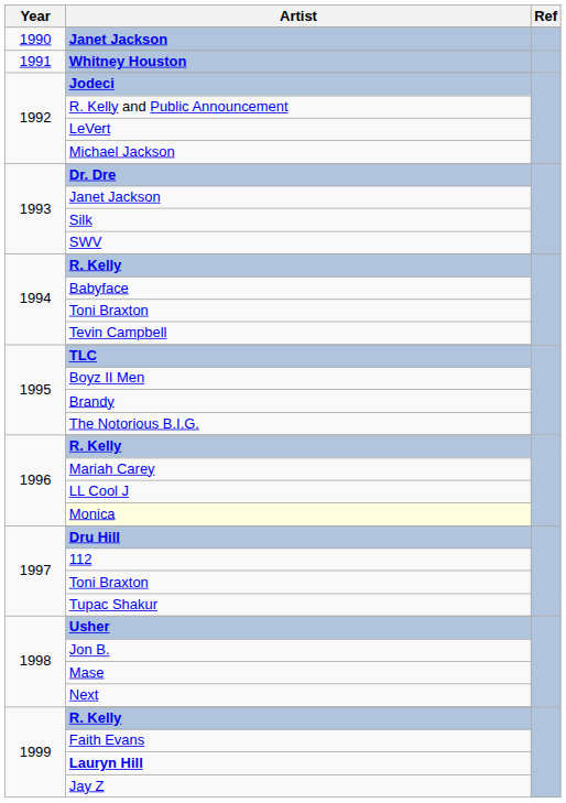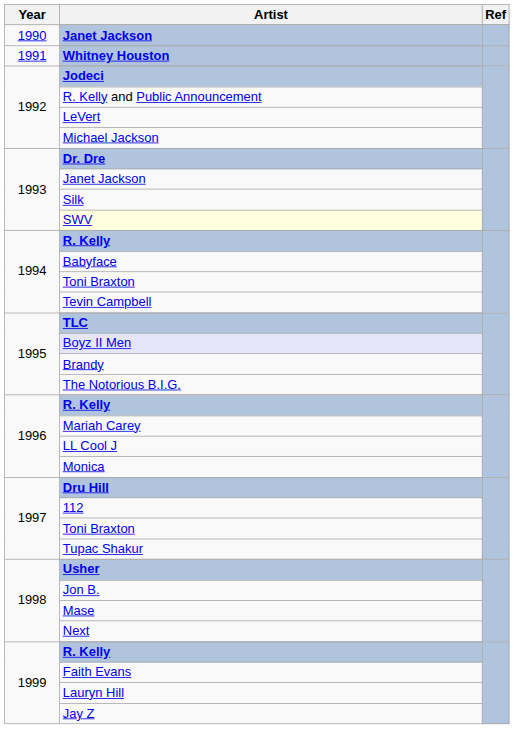 <table class="wikitable" style="width:100%;">
 <tr style="background:#bebebe;">
 <th style="width:11%;">Year</th>
 <th style="width:84%;">Artist</th>
 <th style="width:5%;">Ref</th>
 </tr>
 <tr>
 <td rowspan="2" align="center"><a href='#'>1990</a></td>
 </tr>
 <tr style="background:#B0C4DE">
 <td><strong><a href='#'>Janet Jackson</a></strong></td>
 <td rowspan="2" align="center"></td>
 </tr>
 <tr>
 <td rowspan="2" align="center"><a href='#'>1991</a></td>
 </tr>
 <tr style="background:#B0C4DE">
 <td><strong><a href='#'>Whitney Houston</a></strong></td>
 <td rowspan="2" align="center"></td>
 </tr>
 <tr>
 <td rowspan="5" align="center">1992</td>
 </tr>
 <tr style="background:#B0C4DE">
 <td><strong><a href='#'>Jodeci</a></strong></td>
 <td rowspan="5" align="center"></td>
 </tr>
 <tr>
 <td><a href='#'>R. Kelly</a> and <a href='#'>Public Announcement</a></td>
 </tr>
 <tr>
 <td><a href='#'>LeVert</a></td>
 </tr>
 <tr>
 <td><a href='#'>Michael Jackson</a></td>
 </tr>
 <tr>
 <td rowspan="5" align="center">1993</td>
 </tr>
 <tr style="background:#B0C4DE">
 <td><strong><a href='#'>Dr. Dre</a></strong></td>
 <td rowspan="5" align="center"></td>
 </tr>
 <tr>
 <td><a href='#'>Janet Jackson</a></td>
 </tr>
 <tr>
 <td><a href='#'>Silk</a></td>
 </tr>
 <tr>
-<td><a href='#'>SWV</a></td>
+<td style="background: lightyellow;"><a href='#'>SWV</a></td>
 </tr>
 <tr>
 <td rowspan="5" align="center">1994</td>
 </tr>
 <tr style="background:#B0C4DE">
 <td><strong><a href='#'>R. Kelly</a></strong></td>
 <td rowspan="5" align="center"></td>
 </tr>
 <tr>
 <td><a href='#'>Babyface</a></td>
 </tr>
 <tr>
 <td><a href='#'>Toni Braxton</a></td>
 </tr>
 <tr>
 <td><a href='#'>Tevin Campbell</a></td>
 </tr>
 <tr>
 <td rowspan="5" align="center">1995</td>
 </tr>
 <tr style="background:#B0C4DE">
 <td><strong><a href='#'>TLC</a></strong></td>
 <td rowspan="5" align="center"></td>
 </tr>
 <tr>
-<td><a href='#'>Boyz II Men</a></td>
+<td style="background: lavender;"><a href='#'>Boyz II Men</a></td>
 </tr>
 <tr>
 <td><a href='#'>Brandy</a></td>
 </tr>
 <tr>
 <td><a href='#'>The Notorious B.I.G.</a></td>
 </tr>
 <tr>
 <td rowspan="5" align="center">1996</td>
 </tr>
 <tr style="background:#B0C4DE">
 <td><strong><a href='#'>R. Kelly</a></strong></td>
 <td rowspan="5" align="center"></td>
 </tr>
 <tr>
 <td><a href='#'>Mariah Carey</a></td>
 </tr>
 <tr>
 <td><a href='#'>LL Cool J</a></td>
 </tr>
 <tr>
-<td style="background: lightyellow;"><a href='#'>Monica</a></td>
+<td><a href='#'>Monica</a></td>
 </tr>
 <tr>
 <td rowspan="5" align="center">1997</td>
 </tr>
 <tr style="background:#B0C4DE">
 <td><strong><a href='#'>Dru Hill</a></strong></td>
 <td rowspan="5" align="center"></td>
 </tr>
 <tr>
 <td><a href='#'>112</a></td>
 </tr>
 <tr>
 <td><a href='#'>Toni Braxton</a></td>
 </tr>
 <tr>
 <td><a href='#'>Tupac Shakur</a></td>
 </tr>
 <tr>
 <td rowspan="5" align="center">1998</td>
 </tr>
 <tr style="background:#B0C4DE">
 <td><strong><a href='#'>Usher</a></strong></td>
 <td rowspan="5" align="center"></td>
 </tr>
 <tr>
 <td><a href='#'>Jon B.</a></td>
 </tr>
 <tr>
 <td><a href='#'>Mase</a></td>
 </tr>
 <tr>
 <td><a href='#'>Next</a></td>
 </tr>
 <tr>
 <td rowspan="5" align="center">1999</td>
 </tr>
 <tr style="background:#B0C4DE">
 <td><strong><a href='#'>R. Kelly</a></strong></td>
 <td rowspan="5" align="center"></td>
 </tr>
 <tr>
 <td><a href='#'>Faith Evans</a></td>
 </tr>
 <tr>
-<td><strong><a href='#'>Lauryn Hill</a></strong></td>
+<td><a href='#'>Lauryn Hill</a></td>
 </tr>
 <tr>
 <td><a href='#'>Jay Z</a></td>
 </tr>
 </table>
